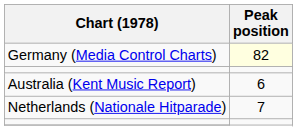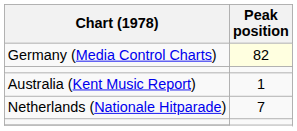 <table class="wikitable">
 <tr>
 <th>Chart (1978)</th>
 <th>Peak<br>position</th>
 </tr>
 <tr>
 <td>Germany (<a href='#'>Media Control Charts</a>)</td>
 <td style="background: lightyellow; text-align:center;">82</td>
 </tr>
 <tr>
 <td></td>
 </tr>
 <tr>
 <td>Australia (<a href='#'>Kent Music Report</a>)</td>
-<td style="text-align:center;">6</td>
+<td style="text-align:center;">1</td>
 </tr>
 <tr>
 <td>Netherlands (<a href='#'>Nationale Hitparade</a>)</td>
 <td style="text-align:center;">7</td>
 </tr>
 <tr>
 <td></td>
 </tr>
 <tr>
 </tr>
 </table>
